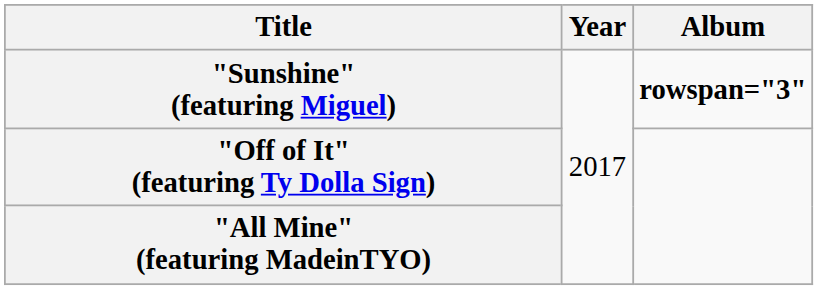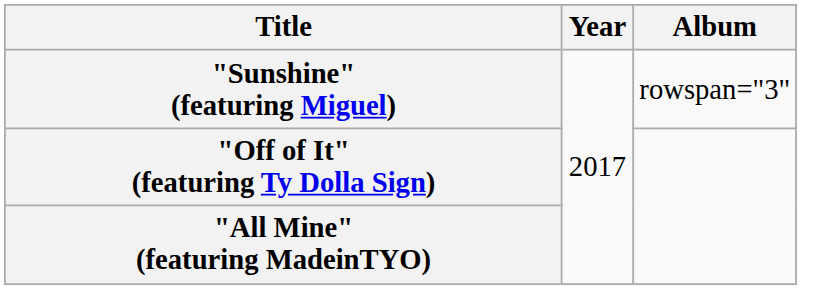 <table class="wikitable plainrowheaders" style="text-align:center;">
 <tr>
 <th scope="col" style="width:19em;">Title</th>
 <th scope="col">Year</th>
 <th scope="col">Album</th>
 </tr>
 <tr>
 <th scope="row">"Sunshine"<br><span>(featuring <a href='#'>Miguel</a>)</span></th>
 <td rowspan="3">2017</td>
-<td><strong>rowspan="3" </strong></td>
+<td>rowspan="3" </td>
 </tr>
 <tr>
 <th scope="row">"Off of It"<br><span>(featuring <a href='#'>Ty Dolla Sign</a>)</span></th>
 </tr>
 <tr>
 <th scope="row">"All Mine"<br><span>(featuring MadeinTYO)</span></th>
 </tr>
 </table>
